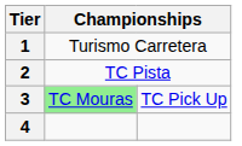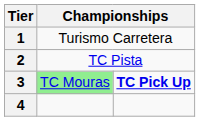 <table class="wikitable" style="font-size: 90%; text-align:center">
 <tr>
 <th>Tier</th>
 <th colspan=2>Championships</th>
 </tr>
 <tr>
 <th>1</th>
 <td colspan=2>Turismo Carretera</td>
 </tr>
 <tr>
 <th>2</th>
 <td colspan=2><a href='#'>TC Pista</a></td>
 </tr>
 <tr>
 <th>3</th>
 <td style="background: lightgreen;"><a href='#'>TC Mouras</a></td>
-<td><a href='#'>TC Pick Up</a></td>
+<td><strong><a href='#'>TC Pick Up</a></strong></td>
 </tr>
 <tr>
 <th>4</th>
 <td></td>
 <td></td>
 </tr>
 </table>
